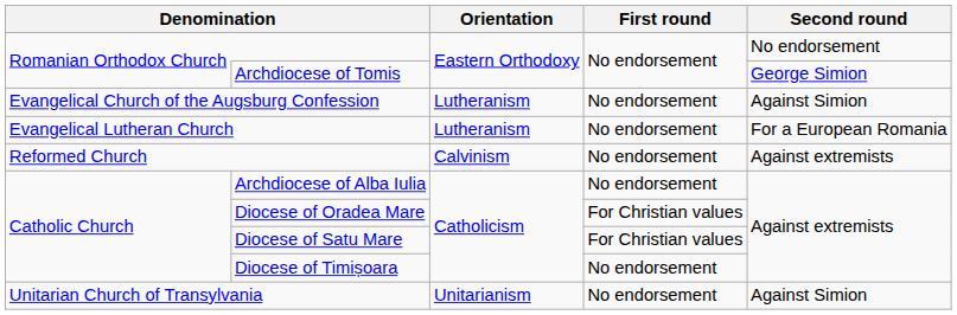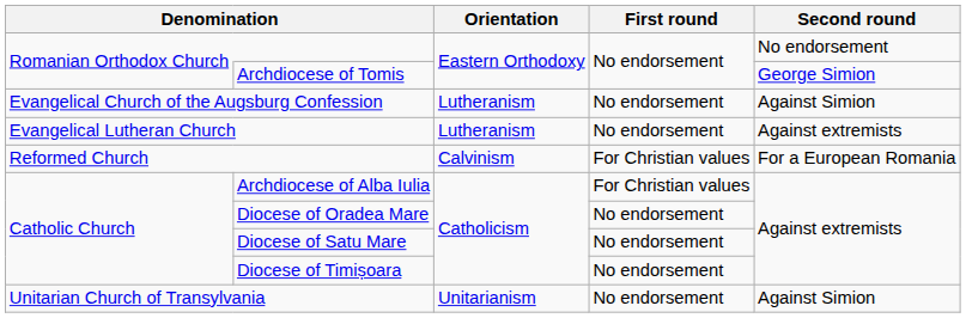 <table class="wikitable nowrap sortable collapsible collapsed">
 <tr>
 <th colspan=2>Denomination</th>
 <th>Orientation</th>
 <th>First round</th>
 <th>Second round</th>
 </tr>
 <tr>
 <td rowspan=2><a href='#'>Romanian Orthodox Church</a></td>
 <td style="border-left-style:hidden;"></td>
 <td rowspan=2><a href='#'>Eastern Orthodoxy</a></td>
 <td rowspan=2>No endorsement</td>
 <td>No endorsement</td>
 </tr>
 <tr>
 <td><a href='#'>Archdiocese of Tomis</a></td>
 <td><a href='#'>George Simion</a></td>
 </tr>
 <tr>
 <td colspan=2><a href='#'>Evangelical Church of the Augsburg Confession</a></td>
 <td><a href='#'>Lutheranism</a></td>
 <td>No endorsement</td>
 <td>Against Simion</td>
 </tr>
 <tr>
 <td colspan=2><a href='#'>Evangelical Lutheran Church</a></td>
 <td><a href='#'>Lutheranism</a></td>
 <td>No endorsement</td>
-<td>For a European Romania</td>
+<td>Against extremists</td>
 </tr>
 <tr>
 <td colspan=2><a href='#'>Reformed Church</a></td>
 <td><a href='#'>Calvinism</a></td>
-<td>No endorsement</td>
-<td>Against extremists</td>
+<td>For Christian values</td>
+<td>For a European Romania</td>
 </tr>
 <tr>
 <td rowspan=4><a href='#'>Catholic Church</a></td>
 <td><a href='#'>Archdiocese of Alba Iulia</a></td>
 <td rowspan=4><a href='#'>Catholicism</a></td>
-<td>No endorsement</td>
+<td>For Christian values</td>
 <td rowspan=4>Against extremists</td>
 </tr>
 <tr>
 <td><a href='#'>Diocese of Oradea Mare</a></td>
-<td>For Christian values</td>
+<td>No endorsement</td>
 </tr>
 <tr>
 <td><a href='#'>Diocese of Satu Mare</a></td>
-<td>For Christian values</td>
+<td>No endorsement</td>
 </tr>
 <tr>
 <td><a href='#'>Diocese of Timișoara</a></td>
 <td>No endorsement</td>
 </tr>
 <tr>
 <td colspan=2><a href='#'>Unitarian Church of Transylvania</a></td>
 <td><a href='#'>Unitarianism</a></td>
 <td>No endorsement</td>
 <td>Against Simion</td>
 </tr>
 </table>
